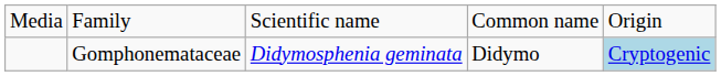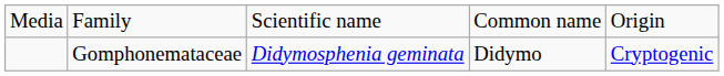 <table class="wikitable">
 <tr>
 <td>Media</td>
 <td>Family</td>
 <td>Scientific name</td>
 <td>Common name</td>
 <td>Origin</td>
 </tr>
 <tr>
 <td></td>
 <td>Gomphonemataceae</td>
 <td><em><a href='#'>Didymosphenia geminata</a></em></td>
 <td>Didymo</td>
-<td style="background: lightblue;"><a href='#'>Cryptogenic</a></td>
+<td><a href='#'>Cryptogenic</a></td>
 </tr>
 </table>
